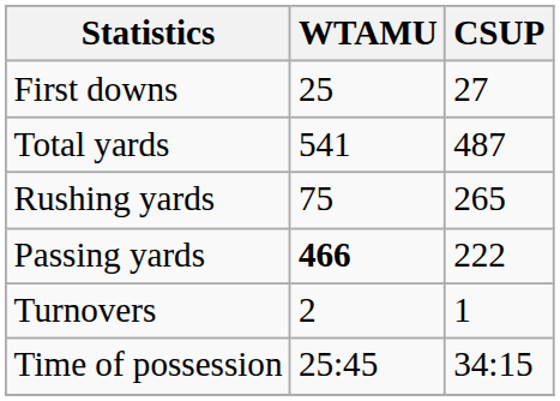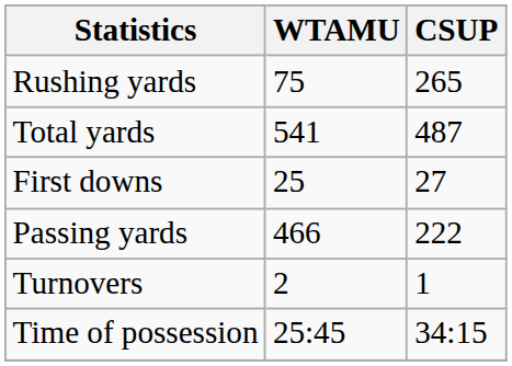 <table class="wikitable">
 <tr>
 <th>Statistics</th>
 <th>WTAMU</th>
 <th>CSUP</th>
 </tr>
 <tr>
-<td>First downs</td>
-<td>25</td>
-<td>27</td>
+<td>Rushing yards</td>
+<td>75</td>
+<td>265</td>
 </tr>
 <tr>
 <td>Total yards</td>
 <td>541</td>
 <td>487</td>
 </tr>
 <tr>
-<td>Rushing yards</td>
-<td>75</td>
-<td>265</td>
+<td>First downs</td>
+<td>25</td>
+<td>27</td>
 </tr>
 <tr>
 <td>Passing yards</td>
-<td><strong>466</strong></td>
+<td>466</td>
 <td>222</td>
 </tr>
 <tr>
 <td>Turnovers</td>
 <td>2</td>
 <td>1</td>
 </tr>
 <tr>
 <td>Time of possession</td>
 <td>25:45</td>
 <td>34:15</td>
 </tr>
 <tr>
 </tr>
 </table>
